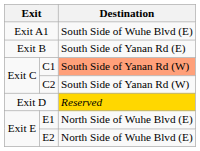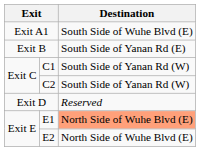 <table class="wikitable">
 <tr>
 <th style="width:70px" colspan="2">Exit</th>
 <th>Destination</th>
 </tr>
 <tr>
 <td align="center" colspan="2">Exit A1</td>
 <td>South Side of Wuhe Blvd (E)</td>
 </tr>
 <tr>
 <td align="center" colspan="2">Exit B</td>
 <td>South Side of Yanan Rd (E)</td>
 </tr>
 <tr>
 <td align="center" rowspan="2">Exit C</td>
 <td>C1</td>
-<td style="background: lightsalmon;">South Side of Yanan Rd (W)</td>
+<td>South Side of Yanan Rd (W)</td>
 </tr>
 <tr>
 <td>C2</td>
 <td>South Side of Yanan Rd (W)</td>
 </tr>
 <tr>
 <td align="center" colspan="2">Exit D</td>
-<td style="background: gold;"><em>Reserved</em></td>
+<td><em>Reserved</em></td>
 </tr>
 <tr>
 <td align="center" rowspan="2">Exit E</td>
 <td>E1</td>
-<td>North Side of Wuhe Blvd (E)</td>
+<td style="background: lightsalmon;">North Side of Wuhe Blvd (E)</td>
 </tr>
 <tr>
 <td>E2</td>
 <td>North Side of Wuhe Blvd (E)</td>
 </tr>
 </table>
